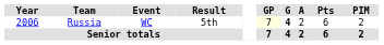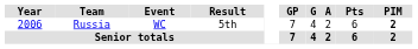 <table border="0" cellpadding="1" cellspacing="0" style="text-align:center; width:40em">
 <tr ALIGN="center" bgcolor="#e0e0e0">
 <th>Year</th>
 <th>Team</th>
 <th>Event</th>
 <th>Result</th>
 <th rowspan="99" bgcolor="#ffffff"> </th>
 <th>GP</th>
 <th>G</th>
 <th>A</th>
 <th>Pts</th>
 <th>PIM</th>
 </tr>
 <tr>
 <td><a href='#'>2006</a></td>
 <td><a href='#'>Russia</a></td>
 <td><a href='#'>WC</a></td>
 <td>5th</td>
-<td style="background: lightyellow;">7</td>
-<td><strong>4</strong></td>
+<td>7</td>
+<td>4</td>
 <td>2</td>
 <td>6</td>
-<td>2</td>
+<td><strong>2</strong></td>
 </tr>
 <tr bgcolor="#e0e0e0">
 <th colspan="4">Senior totals</th>
 <th>7</th>
 <th>4</th>
 <th>2</th>
 <th>6</th>
 <th>2</th>
 </tr>
 </table>
